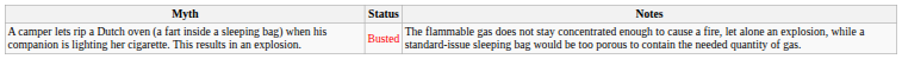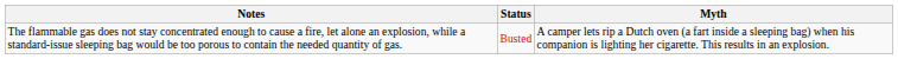 <table class="wikitable plainrowheaders">
 <tr>
+<th scope"col">Notes</th>
+<th scope"col">Status</th>
 <th scope"col">Myth</th>
-<th scope"col">Status</th>
-<th scope"col">Notes</th>
 </tr>
 <tr>
+<td>The flammable gas does not stay concentrated enough to cause a fire, let alone an explosion, while a standard-issue sleeping bag would be too porous to contain the needed quantity of gas.</td>
+<td style="color:red">Busted</td>
 <td scope"row">A camper lets rip a Dutch oven (a fart inside a sleeping bag) when his companion is lighting her cigarette.  This results in an explosion.</td>
-<td style="color:red">Busted</td>
-<td>The flammable gas does not stay concentrated enough to cause a fire, let alone an explosion, while a standard-issue sleeping bag would be too porous to contain the needed quantity of gas.</td>
 </tr>
 </table>
